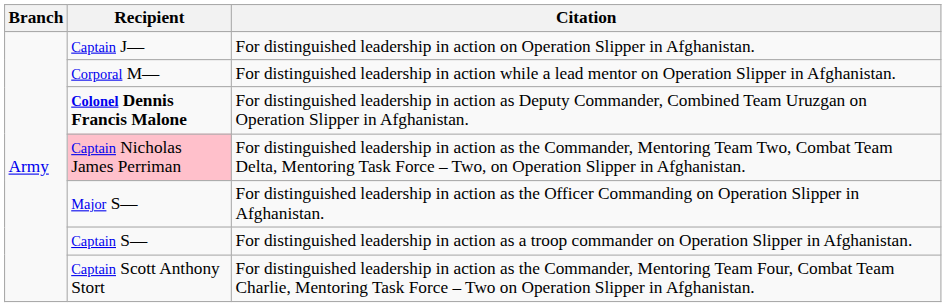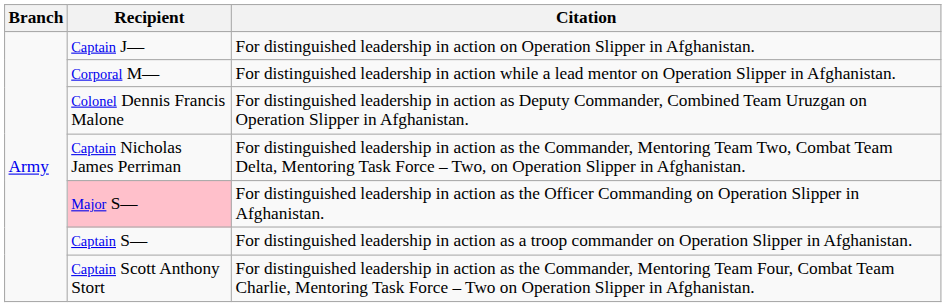 <table class=wikitable>
 <tr>
 <th>Branch</th>
 <th>Recipient</th>
 <th>Citation</th>
 </tr>
 <tr>
 <td rowspan="7"><a href='#'>Army</a></td>
 <td><small><a href='#'>Captain</a></small> J—</td>
 <td>For distinguished leadership in action on Operation Slipper in Afghanistan.</td>
 </tr>
 <tr>
 <td><small><a href='#'>Corporal</a></small> M—</td>
 <td>For distinguished leadership in action while a lead mentor on Operation Slipper in Afghanistan.</td>
 </tr>
 <tr>
-<td><strong><small><a href='#'>Colonel</a></small> Dennis Francis Malone</strong></td>
+<td><small><a href='#'>Colonel</a></small> Dennis Francis Malone</td>
 <td>For distinguished leadership in action as Deputy Commander, Combined Team Uruzgan on Operation Slipper in Afghanistan.</td>
 </tr>
 <tr>
-<td style="background: pink;"><small><a href='#'>Captain</a></small> Nicholas James Perriman</td>
+<td><small><a href='#'>Captain</a></small> Nicholas James Perriman</td>
 <td>For distinguished leadership in action as the Commander, Mentoring Team Two, Combat Team Delta, Mentoring Task Force – Two, on Operation Slipper in Afghanistan.</td>
 </tr>
 <tr>
-<td><small><a href='#'>Major</a></small> S—</td>
+<td style="background: pink;"><small><a href='#'>Major</a></small> S—</td>
 <td>For distinguished leadership in action as the Officer Commanding on Operation Slipper in Afghanistan.</td>
 </tr>
 <tr>
 <td><small><a href='#'>Captain</a></small> S—</td>
 <td>For distinguished leadership in action as a troop commander on Operation Slipper in Afghanistan.</td>
 </tr>
 <tr>
 <td><small><a href='#'>Captain</a></small> Scott Anthony Stort</td>
 <td>For distinguished leadership in action as the Commander, Mentoring Team Four, Combat Team Charlie, Mentoring Task Force – Two on Operation Slipper in Afghanistan.</td>
 </tr>
 </table>
